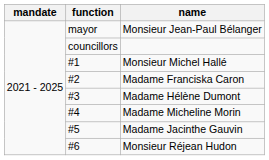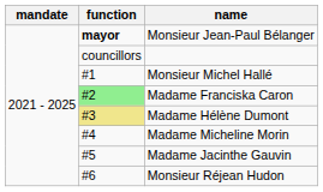 <table class="wikitable">
 <tr>
 <th>mandate</th>
 <th>function</th>
 <th>name</th>
 </tr>
 <tr>
 <td rowspan="8">2021 - 2025</td>
-<td>mayor</td>
+<td><strong>mayor</strong></td>
 <td>Monsieur Jean-Paul Bélanger</td>
 </tr>
 <tr>
 <td>councillors</td>
 <td></td>
 </tr>
 <tr>
 <td>#1</td>
 <td>Monsieur Michel Hallé</td>
 </tr>
 <tr>
-<td>#2</td>
+<td style="background: lightgreen;">#2</td>
 <td>Madame Franciska Caron</td>
 </tr>
 <tr>
-<td>#3</td>
+<td style="background: khaki;">#3</td>
 <td>Madame Hélène Dumont</td>
 </tr>
 <tr>
 <td>#4</td>
 <td>Madame Micheline Morin</td>
 </tr>
 <tr>
 <td>#5</td>
 <td>Madame Jacinthe Gauvin</td>
 </tr>
 <tr>
 <td>#6</td>
 <td>Monsieur Réjean Hudon</td>
 </tr>
 </table>
